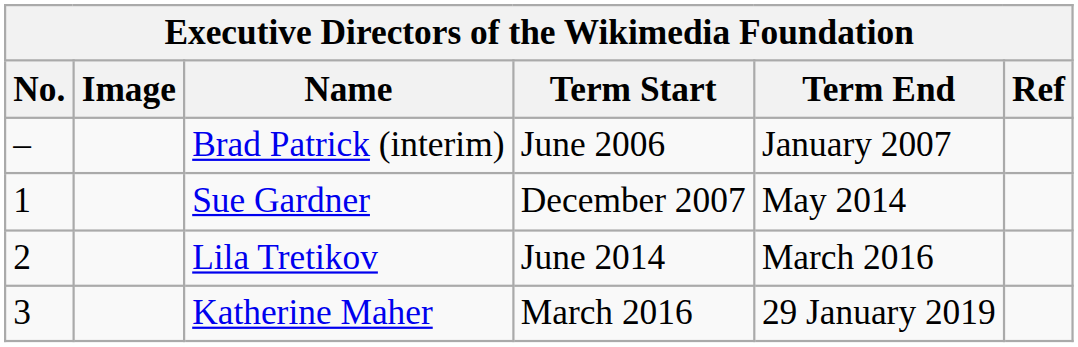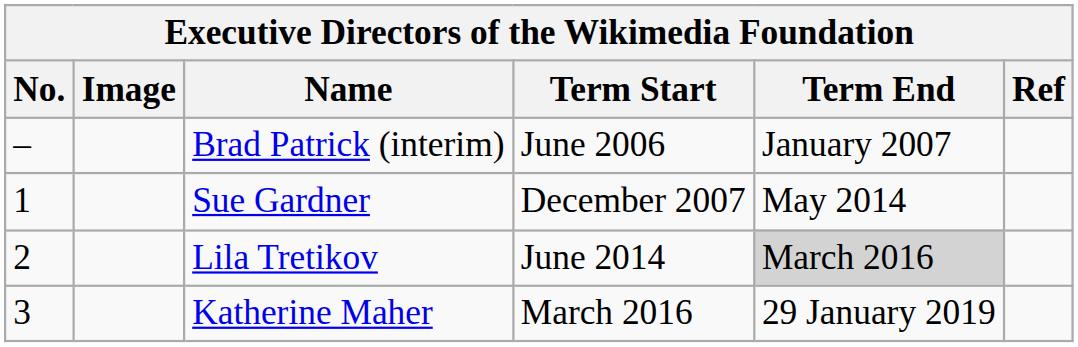 <table class="wikitable">
 <tr>
 <th colspan="6"><strong>Executive Directors of the Wikimedia Foundation</strong></th>
 </tr>
 <tr>
 <th>No.</th>
 <th>Image</th>
 <th>Name</th>
 <th>Term Start</th>
 <th>Term End</th>
 <th>Ref</th>
 </tr>
 <tr>
 <td>–</td>
 <td></td>
 <td><a href='#'>Brad Patrick</a> (interim)</td>
 <td>June 2006</td>
 <td>January 2007</td>
 <td></td>
 </tr>
 <tr>
 <td>1</td>
 <td></td>
 <td><a href='#'>Sue Gardner</a></td>
 <td>December 2007</td>
 <td>May 2014</td>
 <td></td>
 </tr>
 <tr>
 <td>2</td>
 <td></td>
 <td><a href='#'>Lila Tretikov</a></td>
 <td>June 2014</td>
-<td>March 2016</td>
+<td style="background: lightgrey;">March 2016</td>
 <td></td>
 </tr>
 <tr>
 <td>3</td>
 <td></td>
 <td><a href='#'>Katherine Maher</a></td>
 <td>March 2016</td>
 <td>29 January 2019</td>
 <td></td>
 </tr>
 </table>
